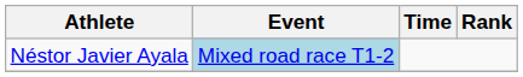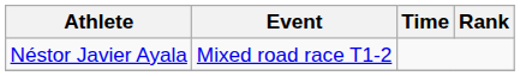 <table class=wikitable style="font-size:90%">
 <tr>
 <th>Athlete</th>
 <th>Event</th>
 <th>Time</th>
 <th>Rank</th>
 </tr>
 <tr>
 <td rowspan="1"><a href='#'>Néstor Javier Ayala</a></td>
-<td style="background: lightblue;"><a href='#'>Mixed road race T1-2</a></td>
+<td><a href='#'>Mixed road race T1-2</a></td>
 <td align="center" colspan=2></td>
 </tr>
 <tr>
 </tr>
 </table>
